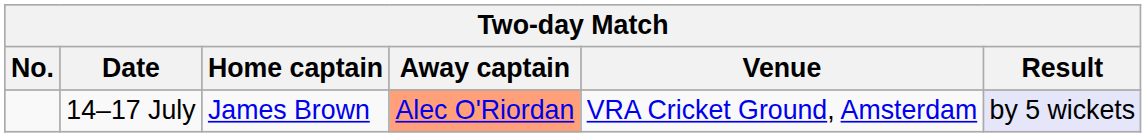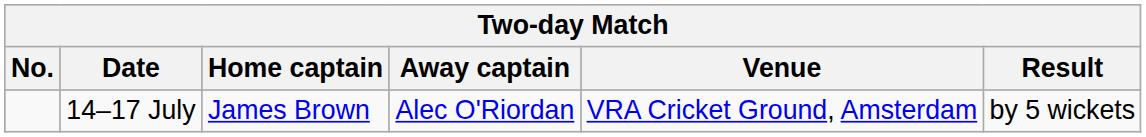 <table class="wikitable">
 <tr>
 <th colspan="9">Two-day Match</th>
 </tr>
 <tr>
 <th>No.</th>
 <th>Date</th>
 <th>Home captain</th>
 <th>Away captain</th>
 <th>Venue</th>
 <th>Result</th>
 </tr>
 <tr>
 <td></td>
 <td>14–17 July</td>
 <td><a href='#'>James Brown</a></td>
-<td style="background: lightsalmon;"><a href='#'>Alec O'Riordan</a></td>
+<td><a href='#'>Alec O'Riordan</a></td>
 <td><a href='#'>VRA Cricket Ground</a>, <a href='#'>Amsterdam</a></td>
-<td style="background: lavender;"> by 5 wickets</td>
+<td> by 5 wickets</td>
 </tr>
 </table>
